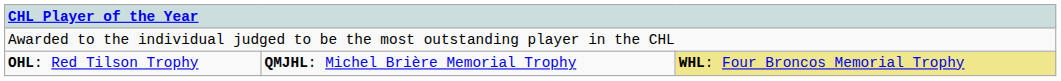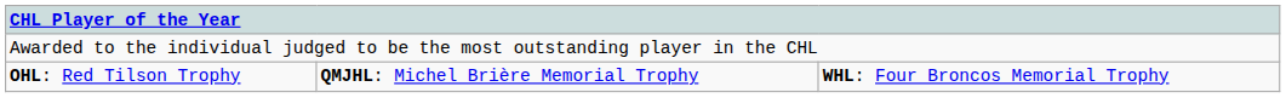 <table class="wikitable" width="75%">
 <tr style="font-weight:bold; background-color:#ccdddd;" |>
 <td colspan="3"><a href='#'>CHL Player of the Year</a></td>
 </tr>
 <tr>
 <td colspan="3">Awarded to the individual judged to be the most outstanding player in the CHL</td>
 </tr>
 <tr>
 <td><strong>OHL</strong>: <a href='#'>Red Tilson Trophy</a></td>
 <td><strong>QMJHL</strong>: <a href='#'>Michel Brière Memorial Trophy</a></td>
-<td style="background: khaki;"><strong>WHL</strong>: <a href='#'>Four Broncos Memorial Trophy</a></td>
+<td><strong>WHL</strong>: <a href='#'>Four Broncos Memorial Trophy</a></td>
 </tr>
 </table>
